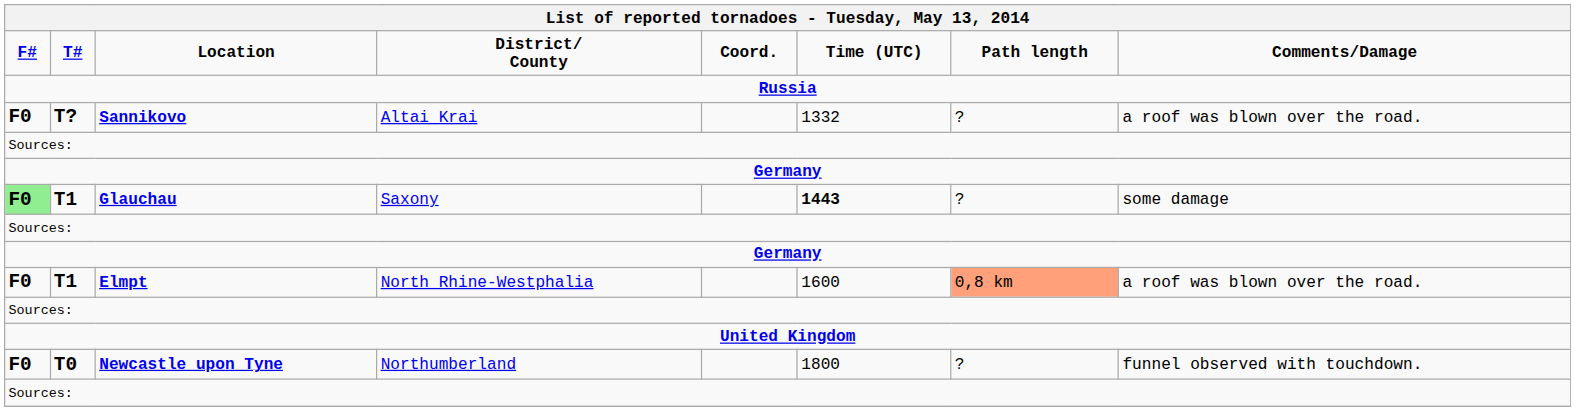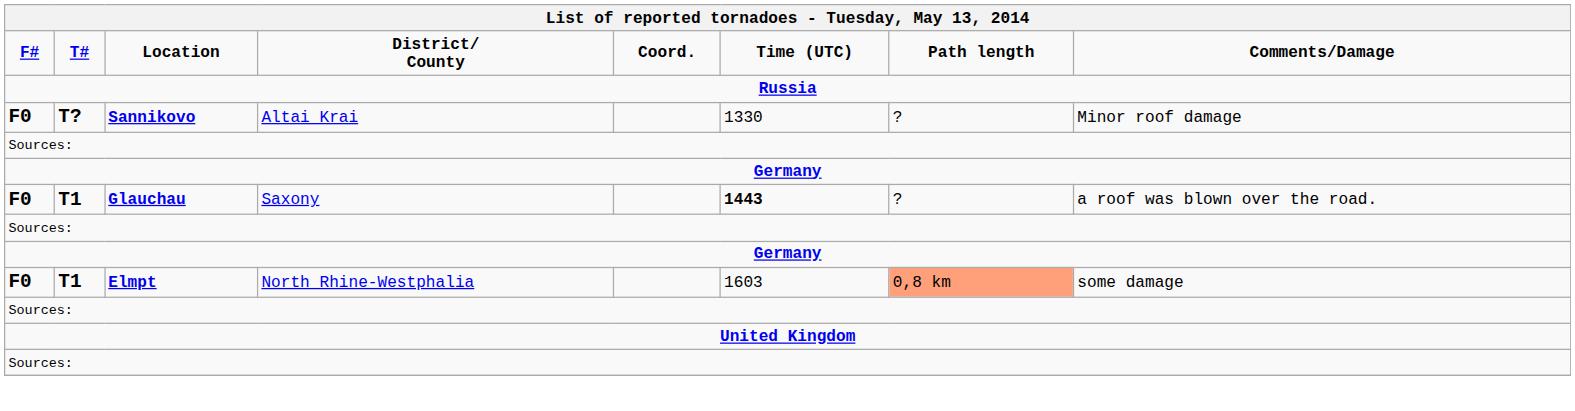 <table class="wikitable collapsible" width="100%">
 <tr>
 <th colspan="8">List of reported tornadoes - Tuesday, May 13, 2014</th>
 </tr>
 <tr>
 <td style="text-align: center;"><strong><a href='#'>F#</a></strong></td>
 <td style="text-align: center;"><strong><a href='#'>T#</a></strong></td>
 <td style="text-align: center;"><strong>Location</strong></td>
 <td style="text-align: center;"><strong>District/<br>County</strong></td>
 <td style="text-align: center;"><strong>Coord.</strong></td>
 <td style="text-align: center;"><strong>Time (UTC)</strong></td>
 <td style="text-align: center;"><strong>Path length</strong></td>
 <td style="text-align: center;"><strong>Comments/Damage</strong></td>
 </tr>
 <tr>
 <td colspan="8" align=center><strong><a href='#'>Russia</a></strong></td>
 </tr>
 <tr>
 <td><big><strong>F0</strong></big></td>
 <td><big><strong>T?</strong></big></td>
 <td><strong><a href='#'>Sannikovo</a></strong></td>
 <td><a href='#'>Altai Krai</a></td>
 <td></td>
-<td>1332</td>
+<td>1330</td>
 <td>?</td>
-<td>a roof was blown over the road.</td>
+<td>Minor roof damage</td>
 </tr>
 <tr>
 <td colspan="8"><small>Sources:</small></td>
 </tr>
 <tr>
 <td colspan="8" align=center><strong><a href='#'>Germany</a></strong></td>
 </tr>
 <tr>
-<td style="background: lightgreen;"><big><strong>F0</strong></big></td>
+<td><big><strong>F0</strong></big></td>
 <td><big><strong>T1</strong></big></td>
 <td><strong><a href='#'>Glauchau</a></strong></td>
 <td><a href='#'>Saxony</a></td>
 <td></td>
 <td><strong>1443</strong></td>
 <td>?</td>
-<td>some damage</td>
+<td>a roof was blown over the road.</td>
 </tr>
 <tr>
 <td colspan="8"><small>Sources:</small></td>
 </tr>
 <tr>
 <td colspan="8" align=center><strong><a href='#'>Germany</a></strong></td>
 </tr>
 <tr>
 <td><big><strong>F0</strong></big></td>
 <td><big><strong>T1</strong></big></td>
 <td><strong><a href='#'>Elmpt</a></strong></td>
 <td><a href='#'>North Rhine-Westphalia</a></td>
 <td></td>
-<td>1600</td>
+<td>1603</td>
 <td style="background: lightsalmon;">0,8 km</td>
-<td>a roof was blown over the road.</td>
+<td>some damage</td>
 </tr>
 <tr>
 <td colspan="8"><small>Sources:</small></td>
 </tr>
 <tr>
 <td colspan="8" align=center><strong><a href='#'>United Kingdom</a></strong></td>
 </tr>
 <tr>
-<td><big><strong>F0</strong></big></td>
-<td><big><strong>T0</strong></big></td>
-<td><strong><a href='#'>Newcastle upon Tyne</a></strong></td>
-<td><a href='#'>Northumberland</a></td>
-<td></td>
-<td>1800</td>
-<td>?</td>
-<td>funnel observed with touchdown.</td>
-</tr>
-<tr>
 <td colspan="8"><small>Sources:</small></td>
 </tr>
 <tr>
 </tr>
 </table>
